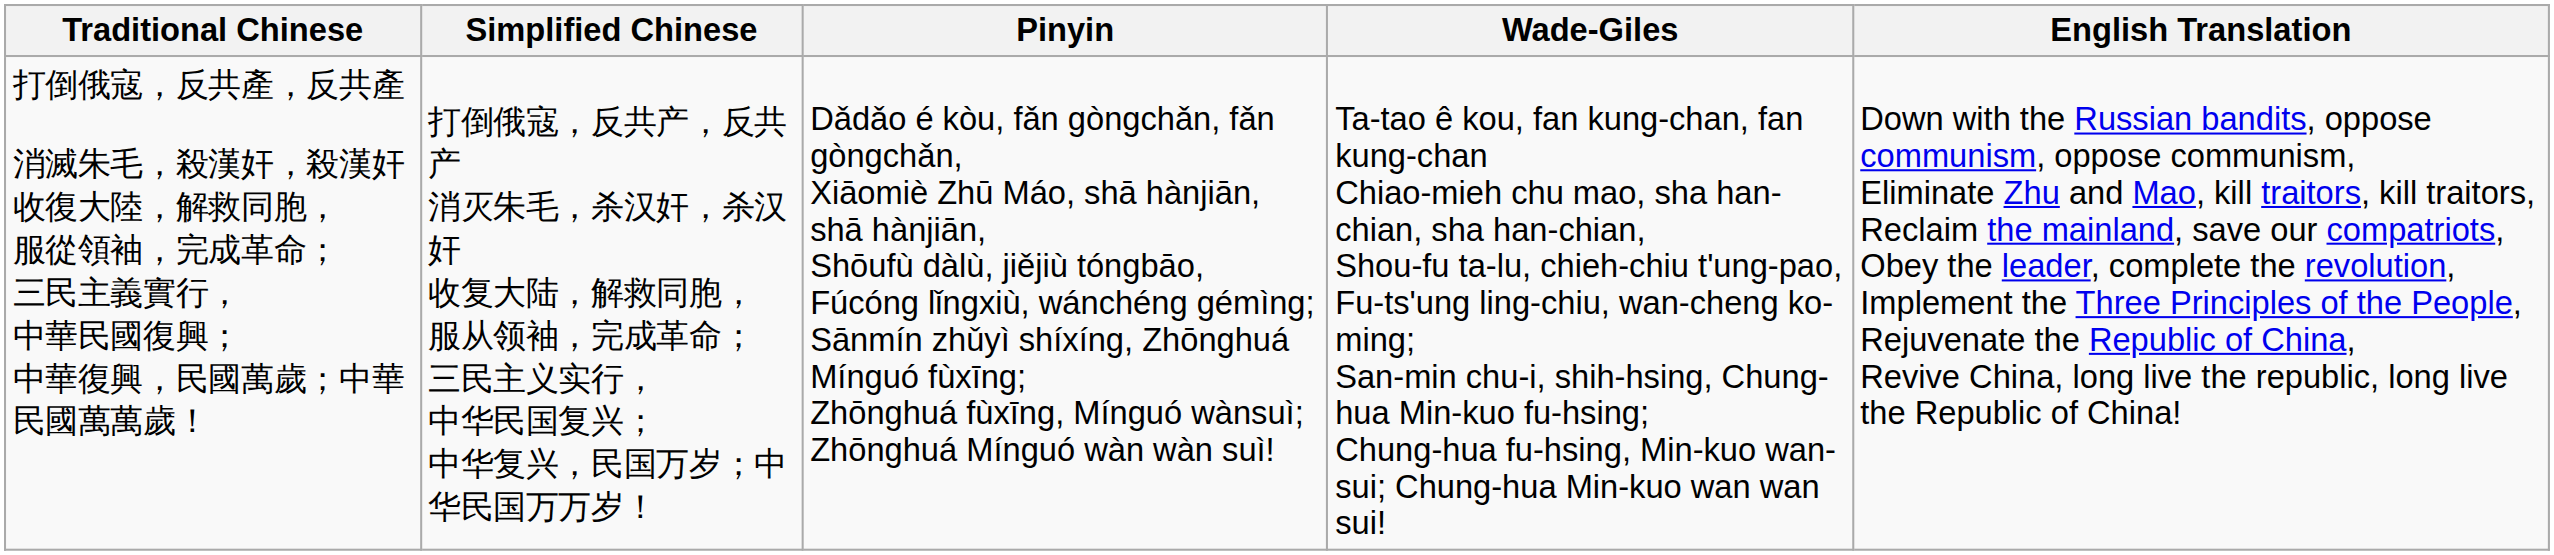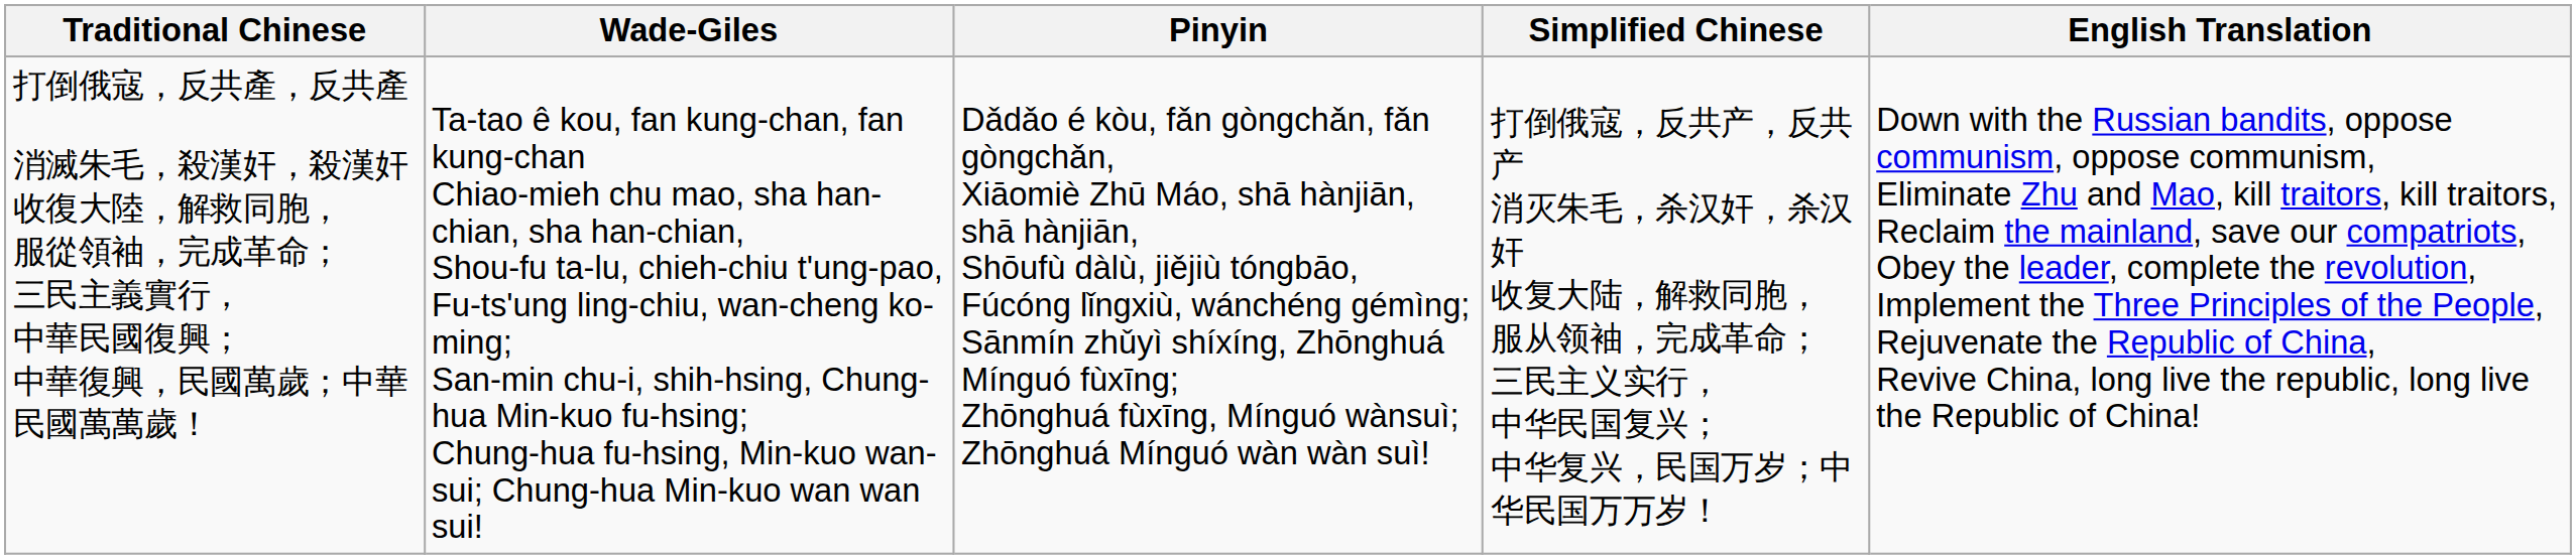 <table class="wikitable">
 <tr>
 <th>Traditional Chinese</th>
+<th width="250">Wade-Giles</th>
+<th width="250">Pinyin</th>
 <th width="180">Simplified Chinese</th>
-<th width="250">Pinyin</th>
-<th width="250">Wade-Giles</th>
 <th>English Translation</th>
 </tr>
 <tr valign="top">
 <td>打倒俄寇，反共產，反共產<br><br>消滅朱毛，殺漢奸，殺漢奸<br> 收復大陸，解救同胞，<br> 服從領袖，完成革命；<br> 三民主義實行，<br> 中華民國復興；<br> 中華復興，民國萬歲；中華民國萬萬歲！<br></td>
+<td><br>Ta-tao ê kou, fan kung-chan, fan kung-chan<br> Chiao-mieh chu mao, sha han-chian, sha han-chian,<br> Shou-fu ta-lu, chieh-chiu t'ung-pao,<br> Fu-ts'ung ling-chiu, wan-cheng ko-ming;<br> San-min chu-i, shih-hsing, Chung-hua Min-kuo fu-hsing;<br> Chung-hua fu-hsing, Min-kuo wan-sui; Chung-hua Min-kuo wan wan sui!<br></td>
+<td><br>Dǎdǎo é kòu, fǎn gòngchǎn, fǎn gòngchǎn,<br> Xiāomiè Zhū Máo, shā hànjiān, shā hànjiān,<br> Shōufù dàlù, jiějiù tóngbāo,<br> Fúcóng lǐngxiù, wánchéng gémìng;<br> Sānmín zhǔyì shíxíng, Zhōnghuá Mínguó fùxīng;<br> Zhōnghuá fùxīng, Mínguó wànsuì; Zhōnghuá Mínguó wàn wàn suì!<br></td>
 <td><br>打倒俄寇，反共产，反共产<br> 消灭朱毛，杀汉奸，杀汉奸<br> 收复大陆，解救同胞，<br> 服从领袖，完成革命；<br> 三民主义实行，<br> 中华民国复兴；<br> 中华复兴，民国万岁；中华民国万万岁！<br></td>
-<td><br>Dǎdǎo é kòu, fǎn gòngchǎn, fǎn gòngchǎn,<br> Xiāomiè Zhū Máo, shā hànjiān, shā hànjiān,<br> Shōufù dàlù, jiějiù tóngbāo,<br> Fúcóng lǐngxiù, wánchéng gémìng;<br> Sānmín zhǔyì shíxíng, Zhōnghuá Mínguó fùxīng;<br> Zhōnghuá fùxīng, Mínguó wànsuì; Zhōnghuá Mínguó wàn wàn suì!<br></td>
-<td><br>Ta-tao ê kou, fan kung-chan, fan kung-chan<br> Chiao-mieh chu mao, sha han-chian, sha han-chian,<br> Shou-fu ta-lu, chieh-chiu t'ung-pao,<br> Fu-ts'ung ling-chiu, wan-cheng ko-ming;<br> San-min chu-i, shih-hsing, Chung-hua Min-kuo fu-hsing;<br> Chung-hua fu-hsing, Min-kuo wan-sui; Chung-hua Min-kuo wan wan sui!<br></td>
 <td><br>Down with the <a href='#'>Russian bandits</a>, oppose <a href='#'>communism</a>, oppose communism,<br> Eliminate <a href='#'>Zhu</a> and <a href='#'>Mao</a>, kill <a href='#'>traitors</a>, kill traitors,<br> Reclaim  <a href='#'>the mainland</a>, save our <a href='#'>compatriots</a>,<br> Obey the <a href='#'>leader</a>, complete the <a href='#'>revolution</a>,<br> Implement the <a href='#'>Three Principles of the People</a>,<br> Rejuvenate the <a href='#'>Republic of China</a>,<br> Revive China, long live the republic, long live the Republic of China!</td>
 </tr>
 </table>
